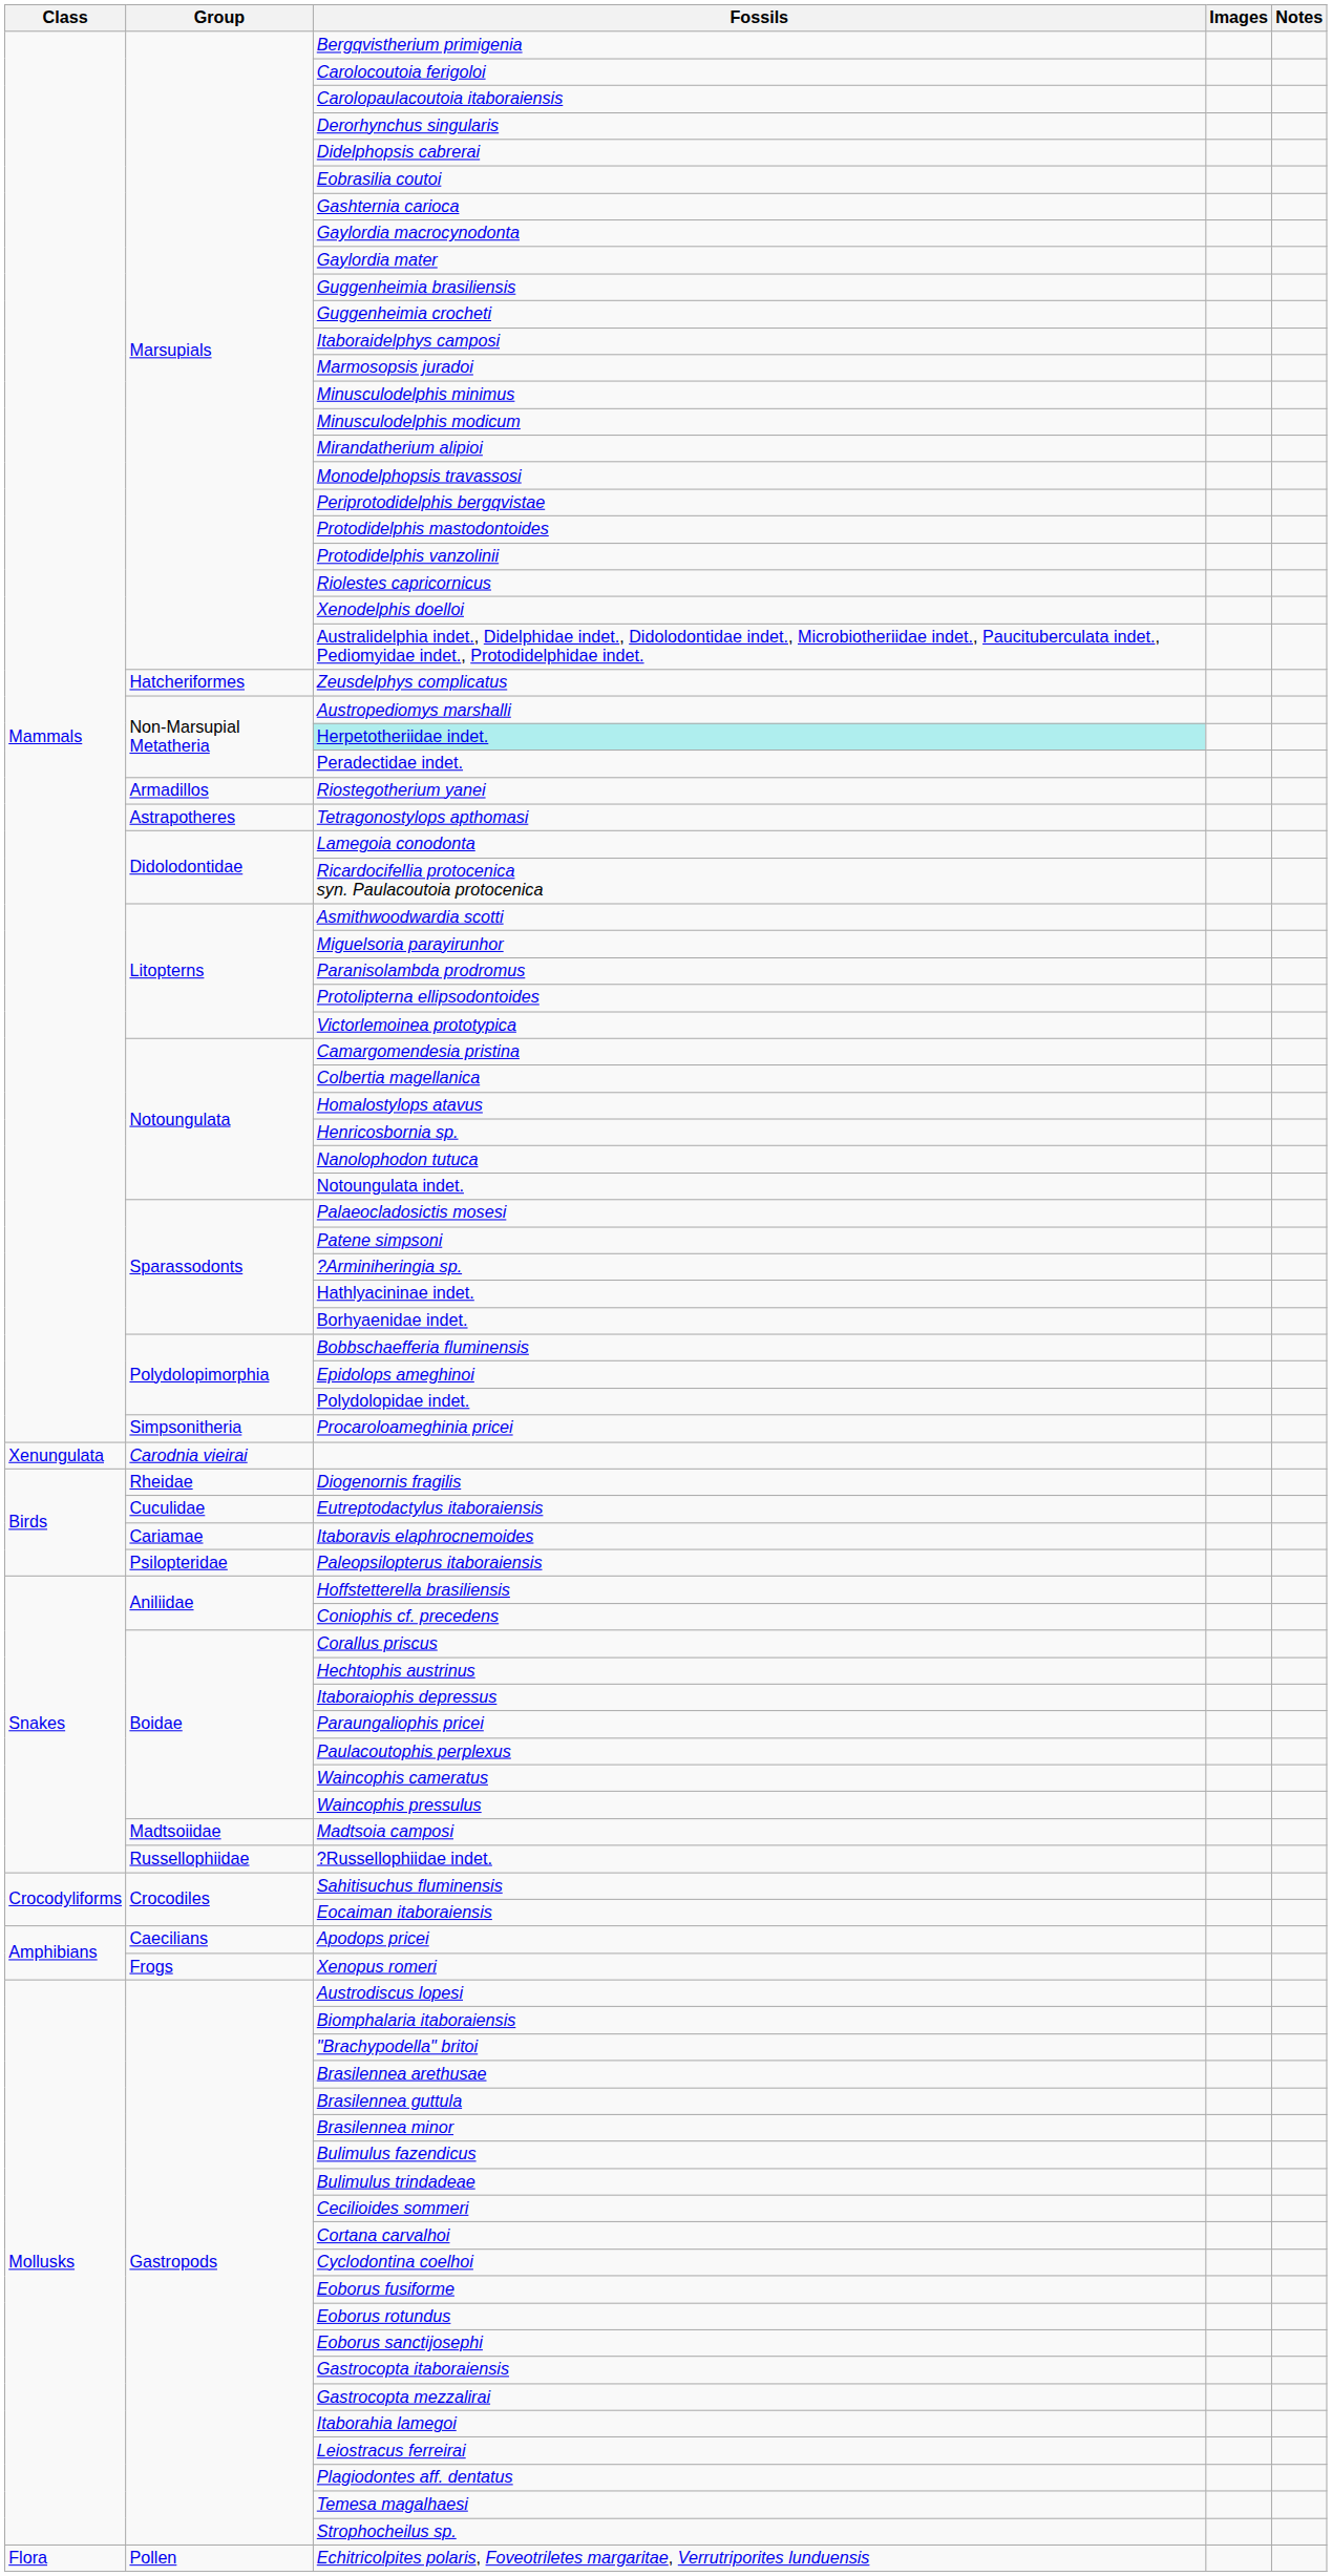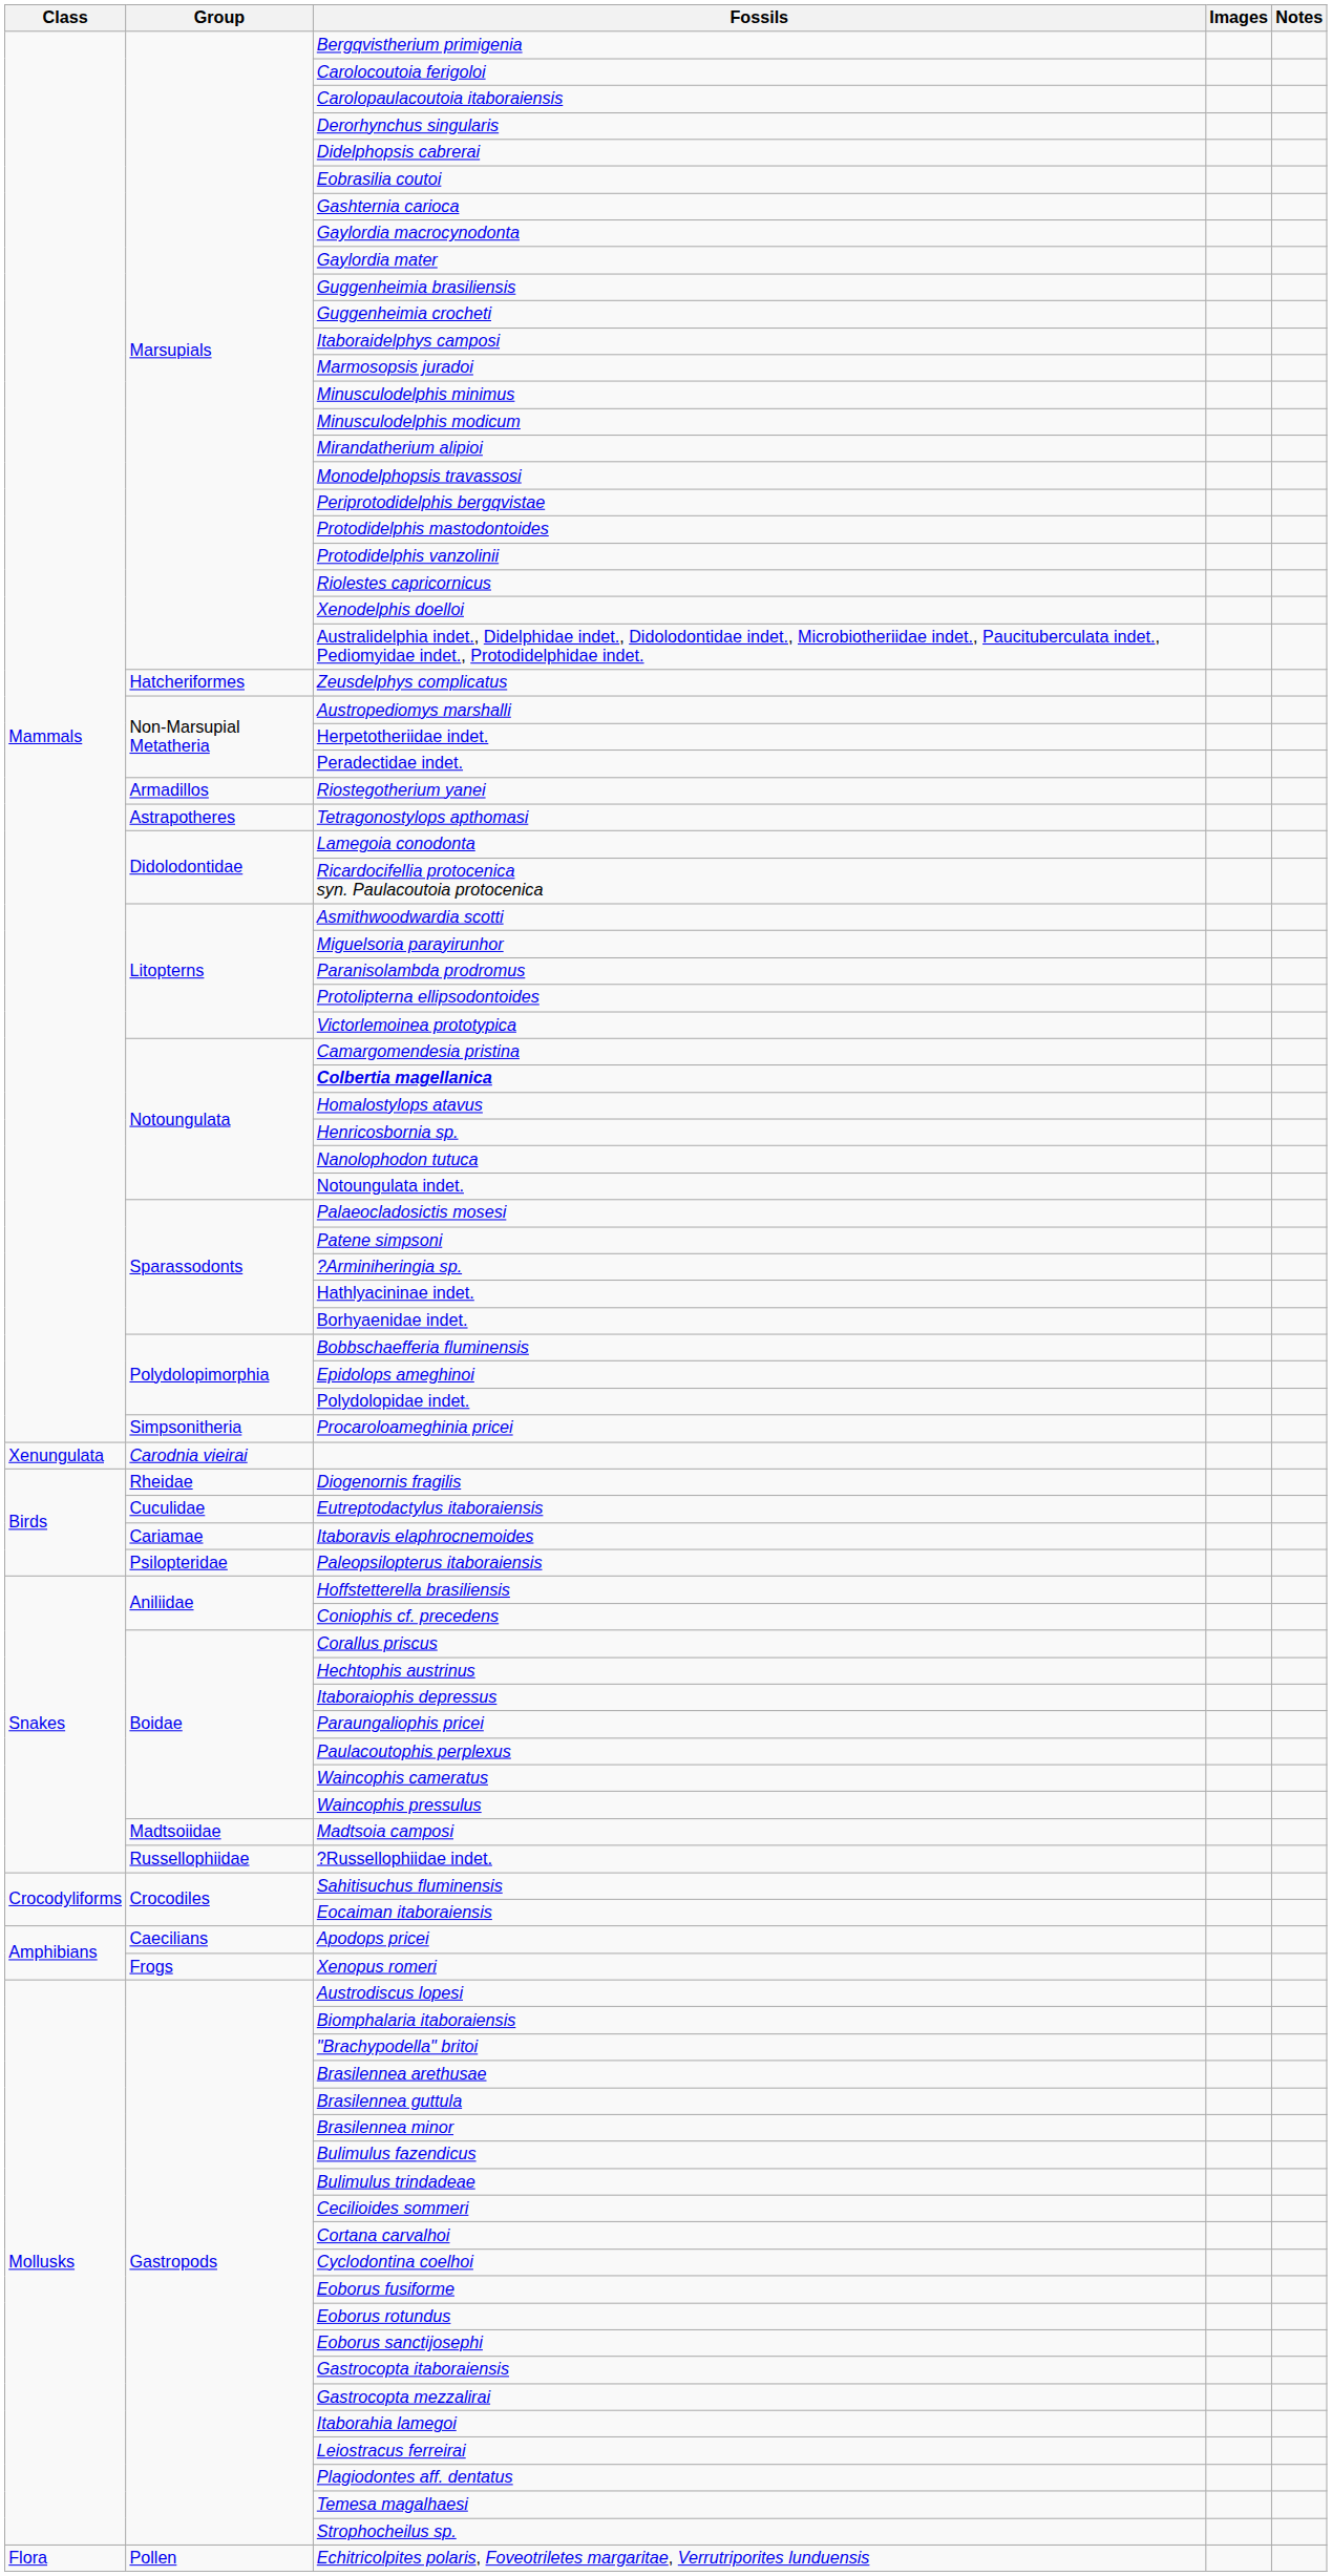 <table class="wikitable sortable">
 <tr>
 <th>Class</th>
 <th>Group</th>
 <th>Fossils</th>
 <th>Images</th>
 <th class=unsortable>Notes</th>
 </tr>
 <tr>
 <td rowspan=51><a href='#'>Mammals</a></td>
 <td rowspan=23><a href='#'>Marsupials</a></td>
 <td><em><a href='#'>Bergqvistherium primigenia</a></em></td>
 <td></td>
 <td align=center></td>
 </tr>
 <tr>
 <td><em><a href='#'>Carolocoutoia ferigoloi</a></em></td>
 <td></td>
 <td align=center></td>
 </tr>
 <tr>
 <td><em><a href='#'>Carolopaulacoutoia itaboraiensis</a></em></td>
 <td></td>
 <td align=center></td>
 </tr>
 <tr>
 <td><em><a href='#'>Derorhynchus singularis</a></em></td>
 <td></td>
 <td align=center></td>
 </tr>
 <tr>
 <td><em><a href='#'>Didelphopsis cabrerai</a></em></td>
 <td></td>
 <td align=center></td>
 </tr>
 <tr>
 <td><em><a href='#'>Eobrasilia coutoi</a></em></td>
 <td></td>
 <td align=center></td>
 </tr>
 <tr>
 <td><em><a href='#'>Gashternia carioca</a></em></td>
 <td></td>
 <td align=center></td>
 </tr>
 <tr>
 <td><em><a href='#'>Gaylordia macrocynodonta</a></em></td>
 <td></td>
 <td align=center></td>
 </tr>
 <tr>
 <td><em><a href='#'>Gaylordia mater</a></em></td>
 <td></td>
 <td align=center></td>
 </tr>
 <tr>
 <td><em><a href='#'>Guggenheimia brasiliensis</a></em></td>
 <td></td>
 <td align=center></td>
 </tr>
 <tr>
 <td><em><a href='#'>Guggenheimia crocheti</a></em></td>
 <td></td>
 <td align=center></td>
 </tr>
 <tr>
 <td><em><a href='#'>Itaboraidelphys camposi</a></em></td>
 <td></td>
 <td align=center></td>
 </tr>
 <tr>
 <td><em><a href='#'>Marmosopsis juradoi</a></em></td>
 <td></td>
 <td align=center></td>
 </tr>
 <tr>
 <td><em><a href='#'>Minusculodelphis minimus</a></em></td>
 <td></td>
 <td align=center></td>
 </tr>
 <tr>
 <td><em><a href='#'>Minusculodelphis modicum</a></em></td>
 <td></td>
 <td align=center></td>
 </tr>
 <tr>
 <td><em><a href='#'>Mirandatherium alipioi</a></em></td>
 <td></td>
 <td align=center></td>
 </tr>
 <tr>
 <td><em><a href='#'>Monodelphopsis travassosi</a></em></td>
 <td></td>
 <td align=center></td>
 </tr>
 <tr>
 <td><em><a href='#'>Periprotodidelphis bergqvistae</a></em></td>
 <td></td>
 <td align=center></td>
 </tr>
 <tr>
 <td><em><a href='#'>Protodidelphis mastodontoides</a></em></td>
 <td></td>
 <td align=center></td>
 </tr>
 <tr>
 <td><em><a href='#'>Protodidelphis vanzolinii</a></em></td>
 <td></td>
 <td align=center></td>
 </tr>
 <tr>
 <td><em><a href='#'>Riolestes capricornicus</a></em></td>
 <td></td>
 <td align=center></td>
 </tr>
 <tr>
 <td><em><a href='#'>Xenodelphis doelloi</a></em></td>
 <td></td>
 <td align=center></td>
 </tr>
 <tr>
 <td><a href='#'>Australidelphia indet.</a>, <a href='#'>Didelphidae indet.</a>, <a href='#'>Didolodontidae indet.</a>, <a href='#'>Microbiotheriidae indet.</a>, <a href='#'>Paucituberculata indet.</a>, <a href='#'>Pediomyidae indet.</a>, <a href='#'>Protodidelphidae indet.</a></td>
 <td></td>
 <td align=center></td>
 </tr>
 <tr>
 <td><a href='#'>Hatcheriformes</a></td>
 <td><em><a href='#'>Zeusdelphys complicatus</a></em></td>
 <td></td>
 <td align=center></td>
 </tr>
 <tr>
 <td rowspan=3>Non-Marsupial <a href='#'>Metatheria</a></td>
 <td><em><a href='#'>Austropediomys marshalli</a></em></td>
 <td></td>
 <td align=center></td>
 </tr>
 <tr>
-<td style="background: paleturquoise;"><a href='#'>Herpetotheriidae indet.</a></td>
+<td><a href='#'>Herpetotheriidae indet.</a></td>
 <td></td>
 <td align=center></td>
 </tr>
 <tr>
 <td><a href='#'>Peradectidae indet.</a></td>
 <td></td>
 <td align=center></td>
 </tr>
 <tr>
 <td><a href='#'>Armadillos</a></td>
 <td><em><a href='#'>Riostegotherium yanei</a></em></td>
 <td></td>
 <td align=center></td>
 </tr>
 <tr>
 <td><a href='#'>Astrapotheres</a></td>
 <td><em><a href='#'>Tetragonostylops apthomasi</a></em></td>
 <td></td>
 <td align=center></td>
 </tr>
 <tr>
 <td rowspan=2><a href='#'>Didolodontidae</a></td>
 <td><em><a href='#'>Lamegoia conodonta</a></em></td>
 <td></td>
 <td align=center></td>
 </tr>
 <tr>
 <td><em><a href='#'>Ricardocifellia protocenica</a></em><br><em>syn. Paulacoutoia protocenica</em></td>
 <td></td>
 <td align=center></td>
 </tr>
 <tr>
 <td rowspan=5><a href='#'>Litopterns</a></td>
 <td><em><a href='#'>Asmithwoodwardia scotti</a></em></td>
 <td></td>
 <td align=center></td>
 </tr>
 <tr>
 <td><em><a href='#'>Miguelsoria parayirunhor</a></em></td>
 <td></td>
 <td align=center></td>
 </tr>
 <tr>
 <td><em><a href='#'>Paranisolambda prodromus</a></em></td>
 <td></td>
 <td align=center></td>
 </tr>
 <tr>
 <td><em><a href='#'>Protolipterna ellipsodontoides</a></em></td>
 <td></td>
 <td align=center></td>
 </tr>
 <tr>
 <td><em><a href='#'>Victorlemoinea prototypica</a></em></td>
 <td></td>
 <td align=center></td>
 </tr>
 <tr>
 <td rowspan=6><a href='#'>Notoungulata</a></td>
 <td><em><a href='#'>Camargomendesia pristina</a></em></td>
 <td></td>
 <td align=center></td>
 </tr>
 <tr>
-<td><em><a href='#'>Colbertia magellanica</a></em></td>
+<td><strong><em><a href='#'>Colbertia magellanica</a></em></strong></td>
 <td></td>
 <td align=center></td>
 </tr>
 <tr>
 <td><em><a href='#'>Homalostylops atavus</a></em></td>
 <td></td>
 <td align=center></td>
 </tr>
 <tr>
 <td><em><a href='#'>Henricosbornia sp.</a></em></td>
 <td></td>
 <td align=center></td>
 </tr>
 <tr>
 <td><em><a href='#'>Nanolophodon tutuca</a></em></td>
 <td></td>
 <td align=center></td>
 </tr>
 <tr>
 <td><a href='#'>Notoungulata indet.</a></td>
 <td></td>
 <td align=center></td>
 </tr>
 <tr>
 <td rowspan=5><a href='#'>Sparassodonts</a></td>
 <td><em><a href='#'>Palaeocladosictis mosesi</a></em></td>
 <td></td>
 <td align=center></td>
 </tr>
 <tr>
 <td><em><a href='#'>Patene simpsoni</a></em></td>
 <td></td>
 <td align=center></td>
 </tr>
 <tr>
 <td><em><a href='#'>?Arminiheringia sp.</a></em></td>
 <td></td>
 <td align=center></td>
 </tr>
 <tr>
 <td><a href='#'>Hathlyacininae indet.</a></td>
 <td></td>
 <td align=center></td>
 </tr>
 <tr>
 <td><a href='#'>Borhyaenidae indet.</a></td>
 <td></td>
 <td align=center></td>
 </tr>
 <tr>
 <td rowspan=3><a href='#'>Polydolopimorphia</a></td>
 <td><em><a href='#'>Bobbschaefferia fluminensis</a></em></td>
 <td></td>
 <td align=center></td>
 </tr>
 <tr>
 <td><em><a href='#'>Epidolops ameghinoi</a></em></td>
 <td></td>
 <td align=center></td>
 </tr>
 <tr>
 <td><a href='#'>Polydolopidae indet.</a></td>
 <td></td>
 <td align=center></td>
 </tr>
 <tr>
 <td><a href='#'>Simpsonitheria</a></td>
 <td><em><a href='#'>Procaroloameghinia pricei</a></em></td>
 <td></td>
 <td align=center></td>
 </tr>
 <tr>
 <td><a href='#'>Xenungulata</a></td>
 <td><em><a href='#'>Carodnia vieirai</a></em></td>
 <td></td>
 <td align=center></td>
 </tr>
 <tr>
 <td rowspan=4><a href='#'>Birds</a></td>
 <td><a href='#'>Rheidae</a></td>
 <td><em><a href='#'>Diogenornis fragilis</a></em></td>
 <td></td>
 <td align=center></td>
 </tr>
 <tr>
 <td><a href='#'>Cuculidae</a></td>
 <td><em><a href='#'>Eutreptodactylus itaboraiensis</a></em></td>
 <td></td>
 <td align=center></td>
 </tr>
 <tr>
 <td><a href='#'>Cariamae</a></td>
 <td><em><a href='#'>Itaboravis elaphrocnemoides</a></em></td>
 <td></td>
 <td align=center></td>
 </tr>
 <tr>
 <td><a href='#'>Psilopteridae</a></td>
 <td><em><a href='#'>Paleopsilopterus itaboraiensis</a></em></td>
 <td></td>
 <td align=center></td>
 </tr>
 <tr>
 <td rowspan=11><a href='#'>Snakes</a></td>
 <td rowspan=2><a href='#'>Aniliidae</a></td>
 <td><em><a href='#'>Hoffstetterella brasiliensis</a></em></td>
 <td></td>
 <td align=center></td>
 </tr>
 <tr>
 <td><em><a href='#'>Coniophis cf. precedens</a></em></td>
 <td></td>
 <td align=center></td>
 </tr>
 <tr>
 <td rowspan=7><a href='#'>Boidae</a></td>
 <td><em><a href='#'>Corallus priscus</a></em></td>
 <td></td>
 <td align=center></td>
 </tr>
 <tr>
 <td><em><a href='#'>Hechtophis austrinus</a></em></td>
 <td></td>
 <td align=center></td>
 </tr>
 <tr>
 <td><em><a href='#'>Itaboraiophis depressus</a></em></td>
 <td></td>
 <td align=center></td>
 </tr>
 <tr>
 <td><em><a href='#'>Paraungaliophis pricei</a></em></td>
 <td></td>
 <td align=center></td>
 </tr>
 <tr>
 <td><em><a href='#'>Paulacoutophis perplexus</a></em></td>
 <td></td>
 <td align=center></td>
 </tr>
 <tr>
 <td><em><a href='#'>Waincophis cameratus</a></em></td>
 <td></td>
 <td align=center></td>
 </tr>
 <tr>
 <td><em><a href='#'>Waincophis pressulus</a></em></td>
 <td></td>
 <td align=center></td>
 </tr>
 <tr>
 <td><a href='#'>Madtsoiidae</a></td>
 <td><em><a href='#'>Madtsoia camposi</a></em></td>
 <td></td>
 <td align=center></td>
 </tr>
 <tr>
 <td><a href='#'>Russellophiidae</a></td>
 <td><a href='#'>?Russellophiidae indet.</a></td>
 <td></td>
 <td align=center></td>
 </tr>
 <tr>
 <td rowspan=2><a href='#'>Crocodyliforms</a></td>
 <td rowspan=2><a href='#'>Crocodiles</a></td>
 <td><em><a href='#'>Sahitisuchus fluminensis</a></em></td>
 <td></td>
 <td align=center></td>
 </tr>
 <tr>
 <td><em><a href='#'>Eocaiman itaboraiensis</a></em></td>
 <td></td>
 <td align=center></td>
 </tr>
 <tr>
 <td rowspan=2><a href='#'>Amphibians</a></td>
 <td><a href='#'>Caecilians</a></td>
 <td><em><a href='#'>Apodops pricei</a></em></td>
 <td></td>
 <td align=center></td>
 </tr>
 <tr>
 <td><a href='#'>Frogs</a></td>
 <td><em><a href='#'>Xenopus romeri</a></em></td>
 <td></td>
 <td align=center></td>
 </tr>
 <tr>
 <td rowspan=21><a href='#'>Mollusks</a></td>
 <td rowspan=21><a href='#'>Gastropods</a></td>
 <td><em><a href='#'>Austrodiscus lopesi</a></em></td>
 <td></td>
 <td align=center></td>
 </tr>
 <tr>
 <td><em><a href='#'>Biomphalaria itaboraiensis</a></em></td>
 <td></td>
 <td align=center></td>
 </tr>
 <tr>
 <td><em><a href='#'>"Brachypodella" britoi</a></em></td>
 <td></td>
 <td align=center></td>
 </tr>
 <tr>
 <td><em><a href='#'>Brasilennea arethusae</a></em></td>
 <td></td>
 <td align=center></td>
 </tr>
 <tr>
 <td><em><a href='#'>Brasilennea guttula</a></em></td>
 <td></td>
 <td align=center></td>
 </tr>
 <tr>
 <td><em><a href='#'>Brasilennea minor</a></em></td>
 <td></td>
 <td align=center></td>
 </tr>
 <tr>
 <td><em><a href='#'>Bulimulus fazendicus</a></em></td>
 <td></td>
 <td align=center></td>
 </tr>
 <tr>
 <td><em><a href='#'>Bulimulus trindadeae</a></em></td>
 <td></td>
 <td align=center></td>
 </tr>
 <tr>
 <td><em><a href='#'>Cecilioides sommeri</a></em></td>
 <td></td>
 <td align=center></td>
 </tr>
 <tr>
 <td><em><a href='#'>Cortana carvalhoi</a></em></td>
 <td></td>
 <td align=center></td>
 </tr>
 <tr>
 <td><em><a href='#'>Cyclodontina coelhoi</a></em></td>
 <td></td>
 <td align=center></td>
 </tr>
 <tr>
 <td><em><a href='#'>Eoborus fusiforme</a></em></td>
 <td></td>
 <td align=center></td>
 </tr>
 <tr>
 <td><em><a href='#'>Eoborus rotundus</a></em></td>
 <td></td>
 <td align=center></td>
 </tr>
 <tr>
 <td><em><a href='#'>Eoborus sanctijosephi</a></em></td>
 <td></td>
 <td align=center></td>
 </tr>
 <tr>
 <td><em><a href='#'>Gastrocopta itaboraiensis</a></em></td>
 <td></td>
 <td align=center></td>
 </tr>
 <tr>
 <td><em><a href='#'>Gastrocopta mezzalirai</a></em></td>
 <td></td>
 <td align=center></td>
 </tr>
 <tr>
 <td><em><a href='#'>Itaborahia lamegoi</a></em></td>
 <td></td>
 <td align=center></td>
 </tr>
 <tr>
 <td><em><a href='#'>Leiostracus ferreirai</a></em></td>
 <td></td>
 <td align=center></td>
 </tr>
 <tr>
 <td><em><a href='#'>Plagiodontes aff. dentatus</a></em></td>
 <td></td>
 <td align=center></td>
 </tr>
 <tr>
 <td><em><a href='#'>Temesa magalhaesi</a></em></td>
 <td></td>
 <td align=center></td>
 </tr>
 <tr>
 <td><em><a href='#'>Strophocheilus sp.</a></em></td>
 <td></td>
 <td align=center></td>
 </tr>
 <tr>
 <td><a href='#'>Flora</a></td>
 <td><a href='#'>Pollen</a></td>
 <td><em><a href='#'>Echitricolpites polaris</a></em>, <em><a href='#'>Foveotriletes margaritae</a></em>, <em><a href='#'>Verrutriporites lunduensis</a></em></td>
 <td></td>
 <td align=center></td>
 </tr>
 <tr>
 </tr>
 </table>
